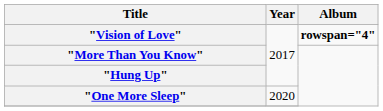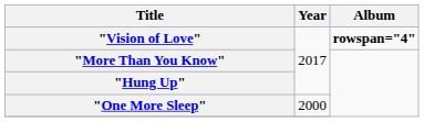 <table class="wikitable plainrowheaders" style="text-align:center;">
 <tr>
 <th scope="col" style="width:20em;">Title</th>
 <th scope="col">Year</th>
 <th scope="col">Album</th>
 </tr>
 <tr>
 <th scope="row">"<a href='#'>Vision of Love</a>"</th>
 <td rowspan="3">2017</td>
 <td><strong>rowspan="4" </strong></td>
 </tr>
 <tr>
 <th scope="row">"<a href='#'>More Than You Know</a>"</th>
 </tr>
 <tr>
 <th scope="row">"<a href='#'>Hung Up</a>"</th>
 </tr>
 <tr>
 <th scope="row">"<a href='#'>One More Sleep</a>"</th>
-<td>2020</td>
+<td>2000</td>
 </tr>
 <tr>
 </tr>
 </table>
